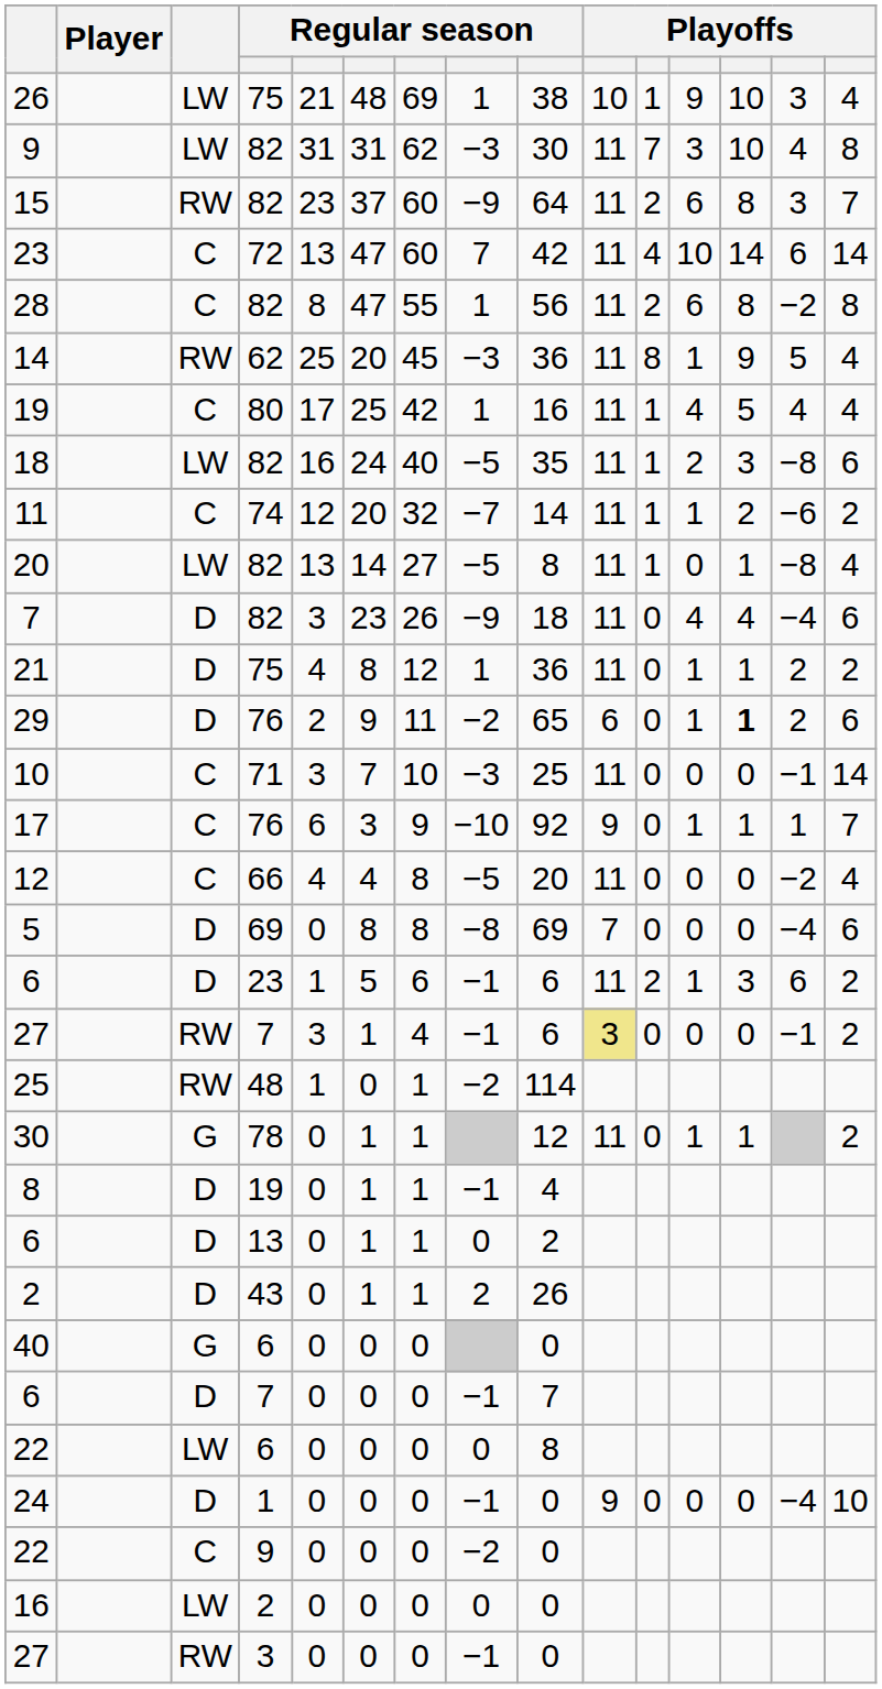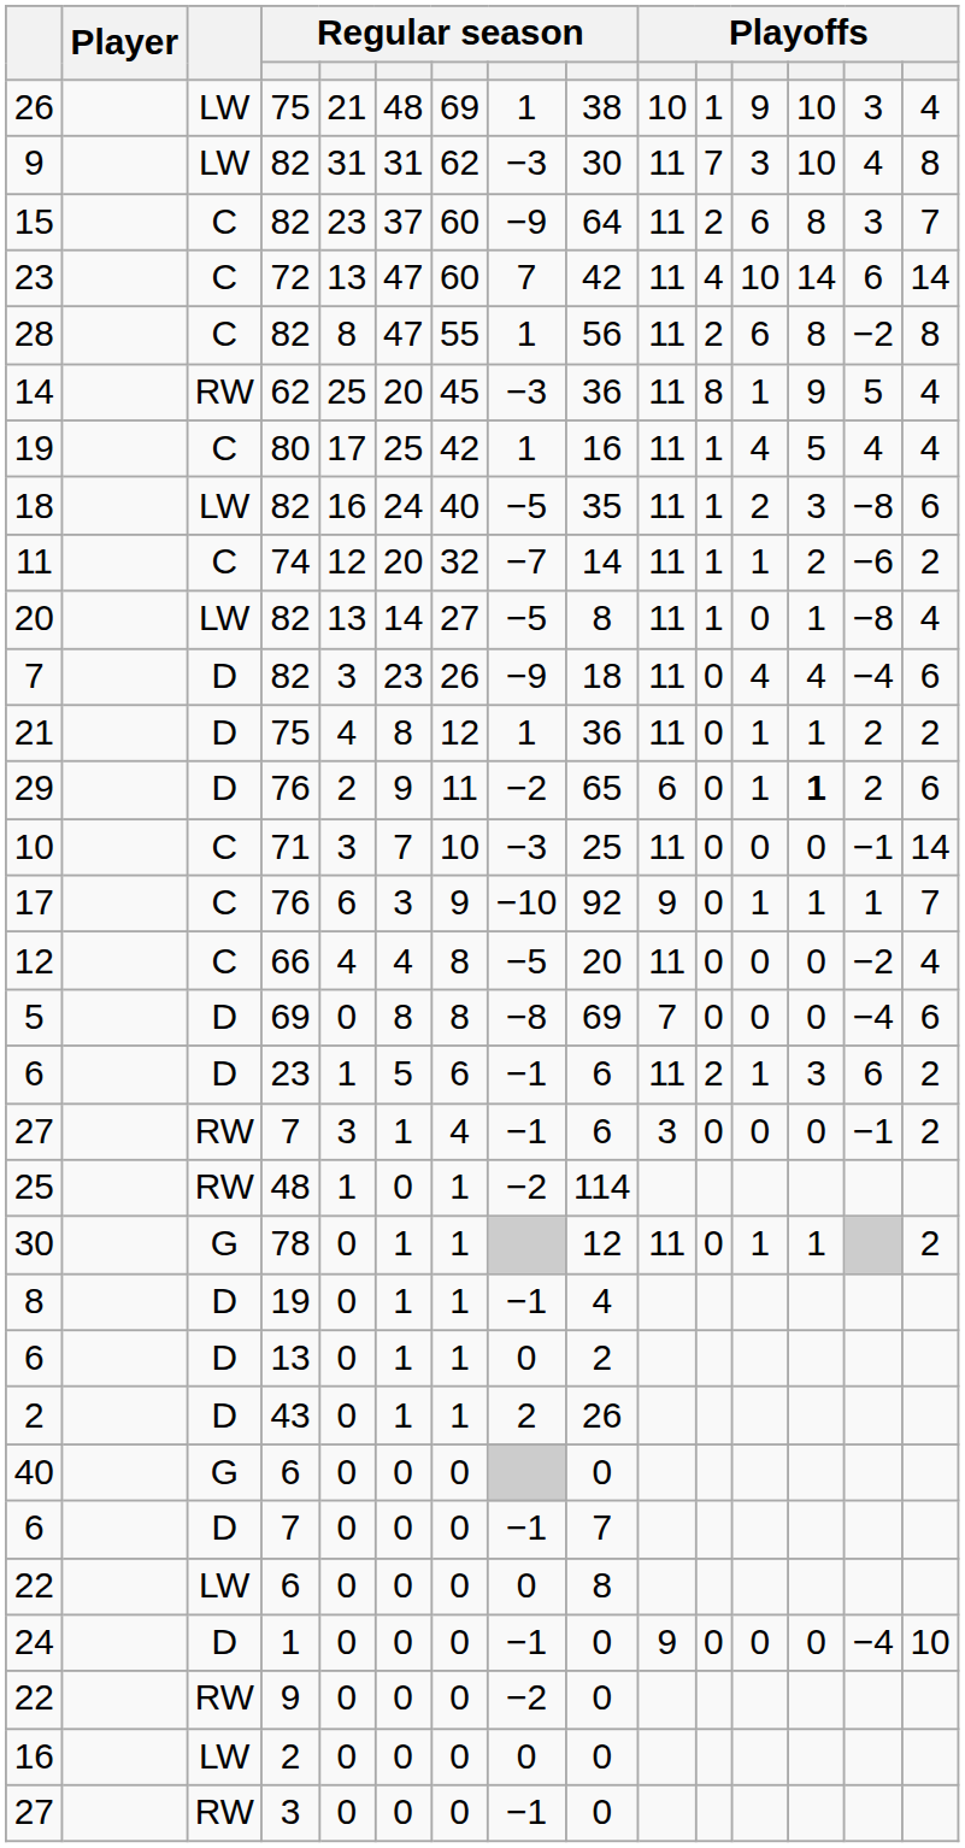 <table class="wikitable sortable plainrowheaders" style="text-align:center;">
 <tr>
 <th scope="col" data-sort-type="number" rowspan="2"></th>
 <th scope="col" rowspan="2">Player</th>
 <th scope="col" rowspan="2"></th>
 <th scope=colgroup colspan=6>Regular season</th>
 <th scope=colgroup colspan=6>Playoffs</th>
 </tr>
 <tr>
 <th scope="col" data-sort-type="number"></th>
 <th scope="col" data-sort-type="number"></th>
 <th scope="col" data-sort-type="number"></th>
 <th scope="col" data-sort-type="number"></th>
 <th scope="col" data-sort-type="number"></th>
 <th scope="col" data-sort-type="number"></th>
 <th scope="col" data-sort-type="number"></th>
 <th scope="col" data-sort-type="number"></th>
 <th scope="col" data-sort-type="number"></th>
 <th scope="col" data-sort-type="number"></th>
 <th scope="col" data-sort-type="number"></th>
 <th scope="col" data-sort-type="number"></th>
 </tr>
 <tr>
 <td scope="row">26</td>
 <td align="left"></td>
 <td>LW</td>
 <td>75</td>
 <td>21</td>
 <td>48</td>
 <td>69</td>
 <td>1</td>
 <td>38</td>
 <td>10</td>
 <td>1</td>
 <td>9</td>
 <td>10</td>
 <td>3</td>
 <td>4</td>
 </tr>
 <tr>
 <td scope="row">9</td>
 <td align="left"></td>
 <td>LW</td>
 <td>82</td>
 <td>31</td>
 <td>31</td>
 <td>62</td>
 <td>−3</td>
 <td>30</td>
 <td>11</td>
 <td>7</td>
 <td>3</td>
 <td>10</td>
 <td>4</td>
 <td>8</td>
 </tr>
 <tr>
 <td scope="row">15</td>
 <td align="left"></td>
-<td>RW</td>
+<td>C</td>
 <td>82</td>
 <td>23</td>
 <td>37</td>
 <td>60</td>
 <td>−9</td>
 <td>64</td>
 <td>11</td>
 <td>2</td>
 <td>6</td>
 <td>8</td>
 <td>3</td>
 <td>7</td>
 </tr>
 <tr>
 <td scope="row">23</td>
 <td align="left"></td>
 <td>C</td>
 <td>72</td>
 <td>13</td>
 <td>47</td>
 <td>60</td>
 <td>7</td>
 <td>42</td>
 <td>11</td>
 <td>4</td>
 <td>10</td>
 <td>14</td>
 <td>6</td>
 <td>14</td>
 </tr>
 <tr>
 <td scope="row">28</td>
 <td align="left"></td>
 <td>C</td>
 <td>82</td>
 <td>8</td>
 <td>47</td>
 <td>55</td>
 <td>1</td>
 <td>56</td>
 <td>11</td>
 <td>2</td>
 <td>6</td>
 <td>8</td>
 <td>−2</td>
 <td>8</td>
 </tr>
 <tr>
 <td scope="row">14</td>
 <td align="left"></td>
 <td>RW</td>
 <td>62</td>
 <td>25</td>
 <td>20</td>
 <td>45</td>
 <td>−3</td>
 <td>36</td>
 <td>11</td>
 <td>8</td>
 <td>1</td>
 <td>9</td>
 <td>5</td>
 <td>4</td>
 </tr>
 <tr>
 <td scope="row">19</td>
 <td align="left"></td>
 <td>C</td>
 <td>80</td>
 <td>17</td>
 <td>25</td>
 <td>42</td>
 <td>1</td>
 <td>16</td>
 <td>11</td>
 <td>1</td>
 <td>4</td>
 <td>5</td>
 <td>4</td>
 <td>4</td>
 </tr>
 <tr>
 <td scope="row">18</td>
 <td align="left"></td>
 <td>LW</td>
 <td>82</td>
 <td>16</td>
 <td>24</td>
 <td>40</td>
 <td>−5</td>
 <td>35</td>
 <td>11</td>
 <td>1</td>
 <td>2</td>
 <td>3</td>
 <td>−8</td>
 <td>6</td>
 </tr>
 <tr>
 <td scope="row">11</td>
 <td align="left"></td>
 <td>C</td>
 <td>74</td>
 <td>12</td>
 <td>20</td>
 <td>32</td>
 <td>−7</td>
 <td>14</td>
 <td>11</td>
 <td>1</td>
 <td>1</td>
 <td>2</td>
 <td>−6</td>
 <td>2</td>
 </tr>
 <tr>
 <td scope="row">20</td>
 <td align="left"></td>
 <td>LW</td>
 <td>82</td>
 <td>13</td>
 <td>14</td>
 <td>27</td>
 <td>−5</td>
 <td>8</td>
 <td>11</td>
 <td>1</td>
 <td>0</td>
 <td>1</td>
 <td>−8</td>
 <td>4</td>
 </tr>
 <tr>
 <td scope="row">7</td>
 <td align="left"></td>
 <td>D</td>
 <td>82</td>
 <td>3</td>
 <td>23</td>
 <td>26</td>
 <td>−9</td>
 <td>18</td>
 <td>11</td>
 <td>0</td>
 <td>4</td>
 <td>4</td>
 <td>−4</td>
 <td>6</td>
 </tr>
 <tr>
 <td scope="row">21</td>
 <td align="left"></td>
 <td>D</td>
 <td>75</td>
 <td>4</td>
 <td>8</td>
 <td>12</td>
 <td>1</td>
 <td>36</td>
 <td>11</td>
 <td>0</td>
 <td>1</td>
 <td>1</td>
 <td>2</td>
 <td>2</td>
 </tr>
 <tr>
 <td scope="row">29</td>
 <td align="left"></td>
 <td>D</td>
 <td>76</td>
 <td>2</td>
 <td>9</td>
 <td>11</td>
 <td>−2</td>
 <td>65</td>
 <td>6</td>
 <td>0</td>
 <td>1</td>
 <td><strong>1</strong></td>
 <td>2</td>
 <td>6</td>
 </tr>
 <tr>
 <td scope="row">10</td>
 <td align="left"></td>
 <td>C</td>
 <td>71</td>
 <td>3</td>
 <td>7</td>
 <td>10</td>
 <td>−3</td>
 <td>25</td>
 <td>11</td>
 <td>0</td>
 <td>0</td>
 <td>0</td>
 <td>−1</td>
 <td>14</td>
 </tr>
 <tr>
 <td scope="row">17</td>
 <td align="left"></td>
 <td>C</td>
 <td>76</td>
 <td>6</td>
 <td>3</td>
 <td>9</td>
 <td>−10</td>
 <td>92</td>
 <td>9</td>
 <td>0</td>
 <td>1</td>
 <td>1</td>
 <td>1</td>
 <td>7</td>
 </tr>
 <tr>
 <td scope="row">12</td>
 <td align="left"></td>
 <td>C</td>
 <td>66</td>
 <td>4</td>
 <td>4</td>
 <td>8</td>
 <td>−5</td>
 <td>20</td>
 <td>11</td>
 <td>0</td>
 <td>0</td>
 <td>0</td>
 <td>−2</td>
 <td>4</td>
 </tr>
 <tr>
 <td scope="row">5</td>
 <td align="left"></td>
 <td>D</td>
 <td>69</td>
 <td>0</td>
 <td>8</td>
 <td>8</td>
 <td>−8</td>
 <td>69</td>
 <td>7</td>
 <td>0</td>
 <td>0</td>
 <td>0</td>
 <td>−4</td>
 <td>6</td>
 </tr>
 <tr>
 <td scope="row">6</td>
 <td align="left"></td>
 <td>D</td>
 <td>23</td>
 <td>1</td>
 <td>5</td>
 <td>6</td>
 <td>−1</td>
 <td>6</td>
 <td>11</td>
 <td>2</td>
 <td>1</td>
 <td>3</td>
 <td>6</td>
 <td>2</td>
 </tr>
 <tr>
 <td scope="row">27</td>
 <td align="left"></td>
 <td>RW</td>
 <td>7</td>
 <td>3</td>
 <td>1</td>
 <td>4</td>
 <td>−1</td>
 <td>6</td>
-<td style="background: khaki;">3</td>
+<td>3</td>
 <td>0</td>
 <td>0</td>
 <td>0</td>
 <td>−1</td>
 <td>2</td>
 </tr>
 <tr>
 <td scope="row">25</td>
 <td align="left"></td>
 <td>RW</td>
 <td>48</td>
 <td>1</td>
 <td>0</td>
 <td>1</td>
 <td>−2</td>
 <td>114</td>
 <td></td>
 <td></td>
 <td></td>
 <td></td>
 <td></td>
 <td></td>
 </tr>
 <tr>
 <td scope="row">30</td>
 <td align="left"></td>
 <td>G</td>
 <td>78</td>
 <td>0</td>
 <td>1</td>
 <td>1</td>
 <td style="background:#ccc"></td>
 <td>12</td>
 <td>11</td>
 <td>0</td>
 <td>1</td>
 <td>1</td>
 <td style="background:#ccc"></td>
 <td>2</td>
 </tr>
 <tr>
 <td scope="row">8</td>
 <td align="left"></td>
 <td>D</td>
 <td>19</td>
 <td>0</td>
 <td>1</td>
 <td>1</td>
 <td>−1</td>
 <td>4</td>
 <td></td>
 <td></td>
 <td></td>
 <td></td>
 <td></td>
 <td></td>
 </tr>
 <tr>
 <td scope="row">6</td>
 <td align="left"></td>
 <td>D</td>
 <td>13</td>
 <td>0</td>
 <td>1</td>
 <td>1</td>
 <td>0</td>
 <td>2</td>
 <td></td>
 <td></td>
 <td></td>
 <td></td>
 <td></td>
 <td></td>
 </tr>
 <tr>
 <td scope="row">2</td>
 <td align="left"></td>
 <td>D</td>
 <td>43</td>
 <td>0</td>
 <td>1</td>
 <td>1</td>
 <td>2</td>
 <td>26</td>
 <td></td>
 <td></td>
 <td></td>
 <td></td>
 <td></td>
 <td></td>
 </tr>
 <tr>
 <td scope="row">40</td>
 <td align="left"></td>
 <td>G</td>
 <td>6</td>
 <td>0</td>
 <td>0</td>
 <td>0</td>
 <td style="background:#ccc"></td>
 <td>0</td>
 <td></td>
 <td></td>
 <td></td>
 <td></td>
 <td></td>
 <td></td>
 </tr>
 <tr>
 <td scope="row">6</td>
 <td align="left"></td>
 <td>D</td>
 <td>7</td>
 <td>0</td>
 <td>0</td>
 <td>0</td>
 <td>−1</td>
 <td>7</td>
 <td></td>
 <td></td>
 <td></td>
 <td></td>
 <td></td>
 <td></td>
 </tr>
 <tr>
 <td scope="row">22</td>
 <td align="left"></td>
 <td>LW</td>
 <td>6</td>
 <td>0</td>
 <td>0</td>
 <td>0</td>
 <td>0</td>
 <td>8</td>
 <td></td>
 <td></td>
 <td></td>
 <td></td>
 <td></td>
 <td></td>
 </tr>
 <tr>
 <td scope="row">24</td>
 <td align="left"></td>
 <td>D</td>
 <td>1</td>
 <td>0</td>
 <td>0</td>
 <td>0</td>
 <td>−1</td>
 <td>0</td>
 <td>9</td>
 <td>0</td>
 <td>0</td>
 <td>0</td>
 <td>−4</td>
 <td>10</td>
 </tr>
 <tr>
 <td scope="row">22</td>
 <td align="left"></td>
-<td>C</td>
+<td>RW</td>
 <td>9</td>
 <td>0</td>
 <td>0</td>
 <td>0</td>
 <td>−2</td>
 <td>0</td>
 <td></td>
 <td></td>
 <td></td>
 <td></td>
 <td></td>
 <td></td>
 </tr>
 <tr>
 <td scope="row">16</td>
 <td align="left"></td>
 <td>LW</td>
 <td>2</td>
 <td>0</td>
 <td>0</td>
 <td>0</td>
 <td>0</td>
 <td>0</td>
 <td></td>
 <td></td>
 <td></td>
 <td></td>
 <td></td>
 <td></td>
 </tr>
 <tr>
 <td scope="row">27</td>
 <td align="left"></td>
 <td>RW</td>
 <td>3</td>
 <td>0</td>
 <td>0</td>
 <td>0</td>
 <td>−1</td>
 <td>0</td>
 <td></td>
 <td></td>
 <td></td>
 <td></td>
 <td></td>
 <td></td>
 </tr>
 </table>
